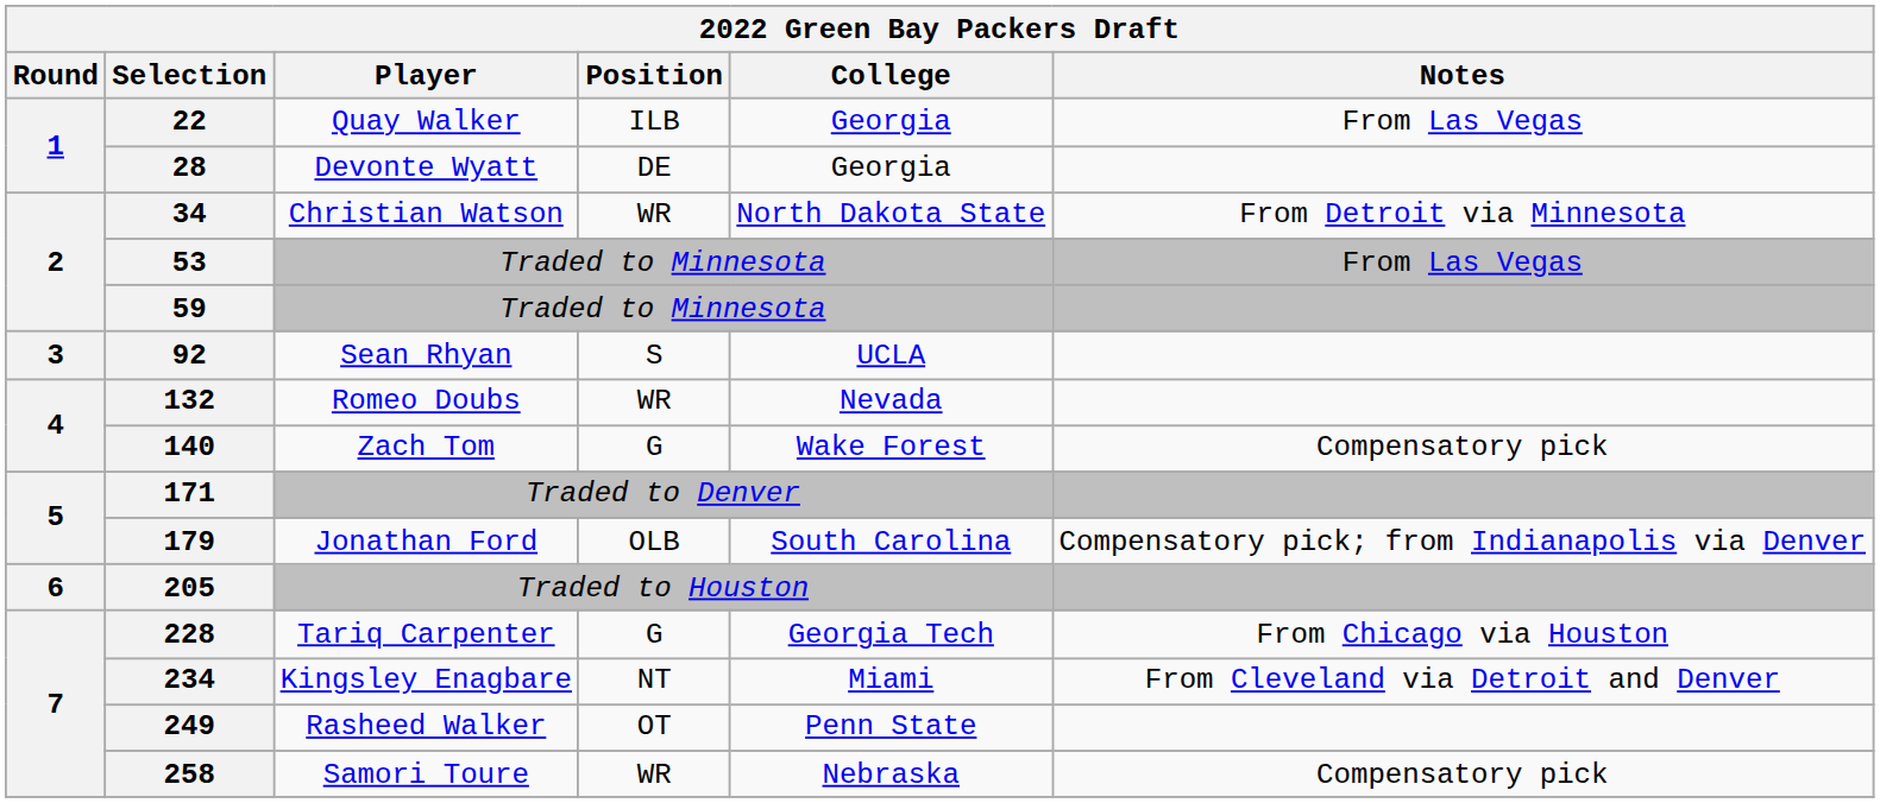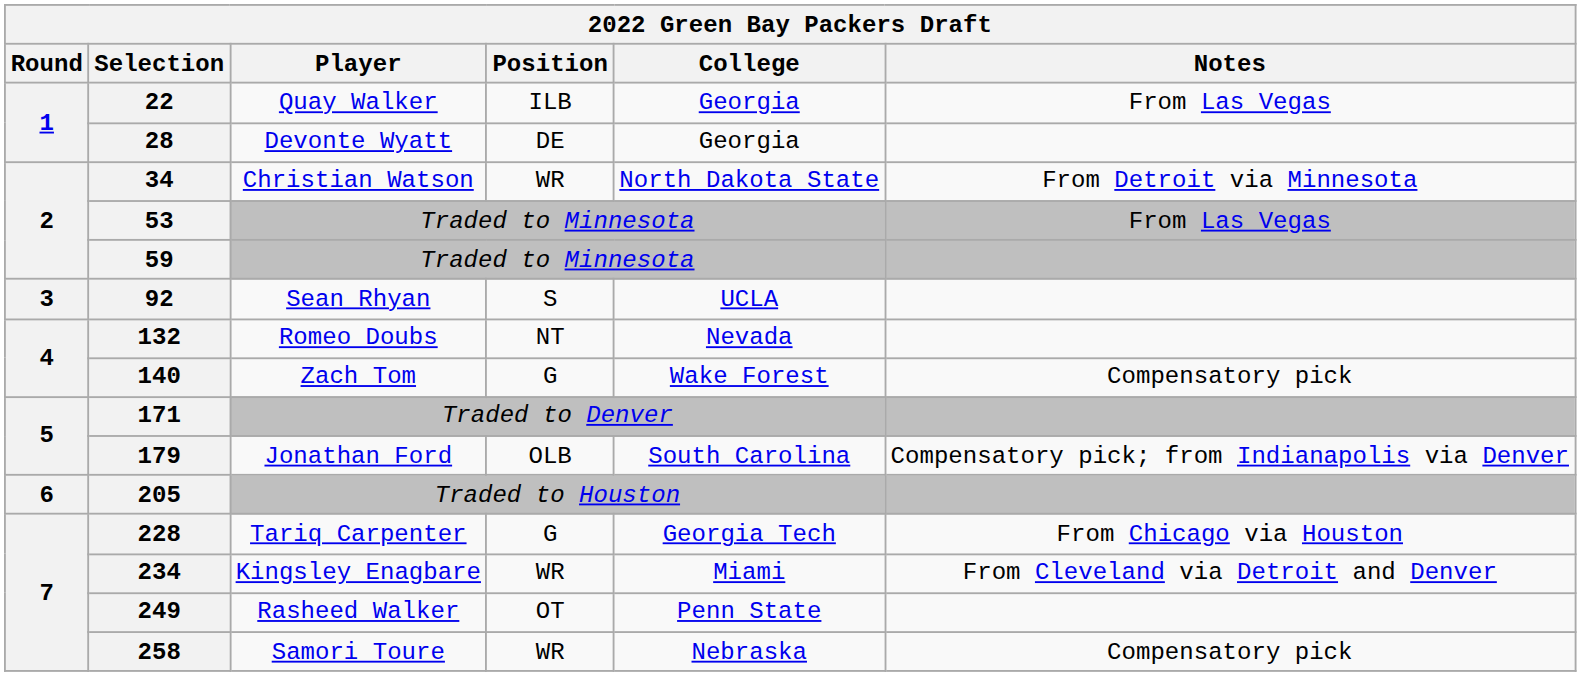 <table class="wikitable" style="text-align:center">
 <tr>
 <th colspan=6>2022 Green Bay Packers Draft</th>
 </tr>
 <tr>
 <th>Round</th>
 <th>Selection</th>
 <th>Player</th>
 <th>Position</th>
 <th>College</th>
 <th>Notes</th>
 </tr>
 <tr>
 <th rowspan="2"><a href='#'>1</a></th>
 <th>22</th>
 <td><a href='#'>Quay Walker</a></td>
 <td>ILB</td>
 <td><a href='#'>Georgia</a></td>
 <td>From <a href='#'>Las Vegas</a></td>
 </tr>
 <tr>
 <th>28</th>
 <td><a href='#'>Devonte Wyatt</a></td>
 <td>DE</td>
 <td>Georgia</td>
 <td></td>
 </tr>
 <tr>
 <th rowspan="3">2</th>
 <th>34</th>
 <td><a href='#'>Christian Watson</a></td>
 <td>WR</td>
 <td><a href='#'>North Dakota State</a></td>
 <td>From <a href='#'>Detroit</a> via <a href='#'>Minnesota</a></td>
 </tr>
 <tr>
 <th>53</th>
 <td colspan="3" style="background:#BFBFBF"><em>Traded to <a href='#'>Minnesota</a></em></td>
 <td style="background:#BFBFBF">From <a href='#'>Las Vegas</a></td>
 </tr>
 <tr>
 <th>59</th>
 <td colspan="3" style="background:#BFBFBF"><em>Traded to <a href='#'>Minnesota</a></em></td>
 <td style="background:#BFBFBF"></td>
 </tr>
 <tr>
 <th>3</th>
 <th>92</th>
 <td><a href='#'>Sean Rhyan</a></td>
 <td>S</td>
 <td><a href='#'>UCLA</a></td>
 <td></td>
 </tr>
 <tr>
 <th rowspan="2">4</th>
 <th>132</th>
 <td><a href='#'>Romeo Doubs</a></td>
-<td>WR</td>
+<td>NT</td>
 <td><a href='#'>Nevada</a></td>
 <td></td>
 </tr>
 <tr>
 <th>140</th>
 <td><a href='#'>Zach Tom</a></td>
 <td>G</td>
 <td><a href='#'>Wake Forest</a></td>
 <td>Compensatory pick</td>
 </tr>
 <tr>
 <th rowspan="2">5</th>
 <th>171</th>
 <td colspan="3" style="background:#BFBFBF"><em>Traded to <a href='#'>Denver</a></em></td>
 <td style="background:#BFBFBF"></td>
 </tr>
 <tr>
 <th>179</th>
 <td><a href='#'>Jonathan Ford</a></td>
 <td>OLB</td>
 <td><a href='#'>South Carolina</a></td>
 <td>Compensatory pick; from <a href='#'>Indianapolis</a> via <a href='#'>Denver</a></td>
 </tr>
 <tr>
 <th>6</th>
 <th>205</th>
 <td colspan="3" style="background:#BFBFBF"><em>Traded to <a href='#'>Houston</a></em></td>
 <td style="background:#BFBFBF"></td>
 </tr>
 <tr>
 <th rowspan="4">7</th>
 <th>228</th>
 <td><a href='#'>Tariq Carpenter</a></td>
 <td>G</td>
 <td><a href='#'>Georgia Tech</a></td>
 <td>From <a href='#'>Chicago</a> via <a href='#'>Houston</a></td>
 </tr>
 <tr>
 <th>234</th>
 <td><a href='#'>Kingsley Enagbare</a></td>
-<td>NT</td>
+<td>WR</td>
 <td><a href='#'>Miami</a></td>
 <td>From <a href='#'>Cleveland</a> via <a href='#'>Detroit</a> and <a href='#'>Denver</a></td>
 </tr>
 <tr>
 <th>249</th>
 <td><a href='#'>Rasheed Walker</a></td>
 <td>OT</td>
 <td><a href='#'>Penn State</a></td>
 <td></td>
 </tr>
 <tr>
 <th>258</th>
 <td><a href='#'>Samori Toure</a></td>
 <td>WR</td>
 <td><a href='#'>Nebraska</a></td>
 <td>Compensatory pick</td>
 </tr>
 </table>
